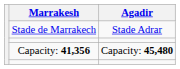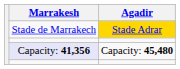 <table class="wikitable" style="text-align:center">
 <tr>
 <th rowspan="5"></th>
 <th><a href='#'>Marrakesh</a></th>
 <th><a href='#'>Agadir</a></th>
 </tr>
 <tr>
 <td><a href='#'>Stade de Marrakech</a></td>
-<td><a href='#'>Stade Adrar</a></td>
+<td style="background: gold;"><a href='#'>Stade Adrar</a></td>
 </tr>
 <tr>
 <td></td>
 <td></td>
 </tr>
 <tr>
-<td>Capacity: <strong>41,356</strong></td>
+<td style="background: lavender;">Capacity: <strong>41,356</strong></td>
 <td>Capacity: <strong>45,480</strong></td>
 </tr>
 <tr>
 <td></td>
 <td></td>
 </tr>
 </table>
